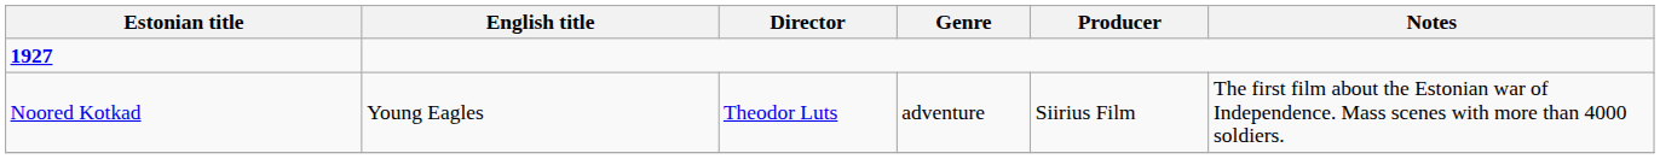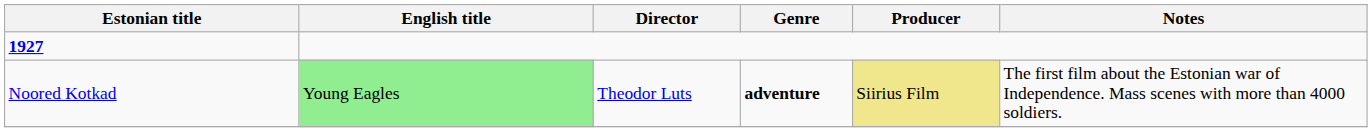 <table class="wikitable" width= "99%">
 <tr>
 <th width=16%>Estonian title</th>
 <th width=16%>English title</th>
 <th width=8%>Director</th>
 <th width=6%>Genre</th>
 <th width=8%>Producer</th>
 <th width=20%>Notes</th>
 </tr>
 <tr>
 <td><strong><a href='#'>1927</a></strong></td>
 </tr>
 <tr>
 <td><a href='#'>Noored Kotkad</a></td>
-<td>Young Eagles</td>
+<td style="background: lightgreen;">Young Eagles</td>
 <td><a href='#'>Theodor Luts</a></td>
-<td>adventure</td>
-<td>Siirius Film</td>
+<td><strong>adventure</strong></td>
+<td style="background: khaki;">Siirius Film</td>
 <td>The first film about the Estonian war of Independence. Mass scenes with more than 4000 soldiers.</td>
 </tr>
 <tr>
 </tr>
 </table>
